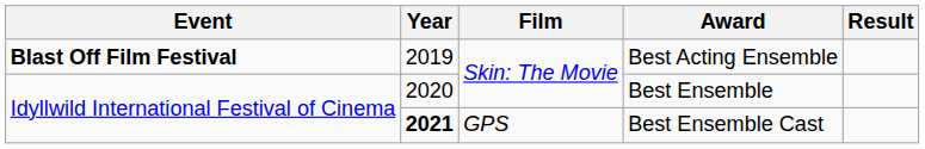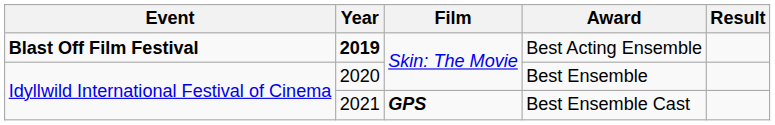 <table class="wikitable">
 <tr>
 <th>Event</th>
 <th>Year</th>
 <th>Film</th>
 <th>Award</th>
 <th>Result</th>
 </tr>
 <tr>
 <td><strong>Blast Off Film Festival</strong></td>
-<td>2019</td>
+<td><strong>2019</strong></td>
 <td rowspan="2"><em><a href='#'>Skin: The Movie</a></em></td>
 <td>Best Acting Ensemble</td>
 <td></td>
 </tr>
 <tr>
 <td rowspan="2"><a href='#'>Idyllwild International Festival of Cinema</a></td>
 <td>2020</td>
 <td>Best Ensemble</td>
 <td></td>
 </tr>
 <tr>
-<td><strong>2021</strong></td>
-<td><em>GPS</em></td>
+<td>2021</td>
+<td><strong><em>GPS</em></strong></td>
 <td>Best Ensemble Cast</td>
 <td></td>
 </tr>
 </table>
